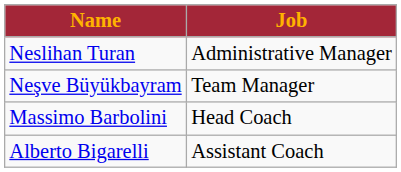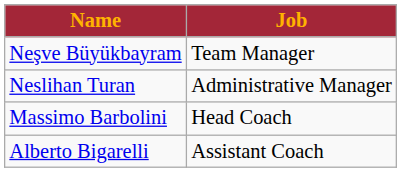 <table class="wikitable plainrowheaders sortable">
 <tr>
 <th style="background:#A32638; color:#FFB300; ">Name</th>
 <th style="background:#A32638; color:#FFB300; ">Job</th>
 </tr>
 <tr>
+<td> <a href='#'>Neşve Büyükbayram</a></td>
+<td>Team Manager</td>
+</tr>
+<tr>
 <td> <a href='#'>Neslihan Turan</a></td>
 <td>Administrative Manager</td>
-</tr>
-<tr>
-<td> <a href='#'>Neşve Büyükbayram</a></td>
-<td>Team Manager</td>
 </tr>
 <tr>
 <td> <a href='#'>Massimo Barbolini</a></td>
 <td>Head Coach</td>
 </tr>
 <tr>
 <td> <a href='#'>Alberto Bigarelli</a></td>
 <td>Assistant Coach</td>
 </tr>
 </table>
